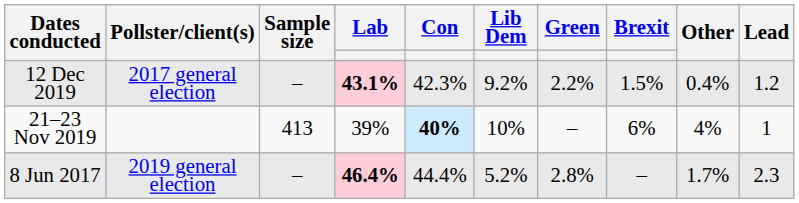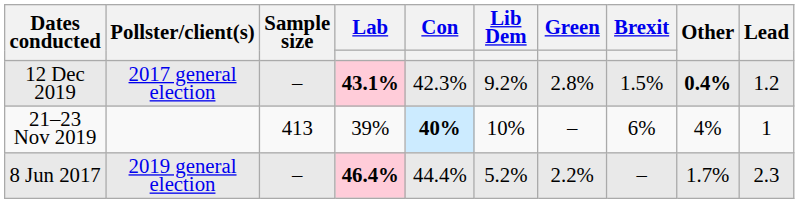 <table class="wikitable sortable mw-datatable" style="text-align:center;line-height:14px;">
 <tr>
 <th rowspan="2">Dates<br>conducted</th>
 <th rowspan="2">Pollster/client(s)</th>
 <th rowspan="2" data-sort-type="number">Sample<br>size</th>
 <th class="unsortable" style="width:50px;"><a href='#'>Lab</a></th>
 <th class="unsortable" style="width:50px;"><a href='#'>Con</a></th>
 <th class="unsortable" style="width:50px;"><a href='#'>Lib Dem</a></th>
 <th class="unsortable" style="width:50px;"><a href='#'>Green</a></th>
 <th class="unsortable" style="width:50px;"><a href='#'>Brexit</a></th>
 <th rowspan="2" class="unsortable">Other</th>
 <th rowspan="2" data-sort-type="number">Lead</th>
 </tr>
 <tr>
 <th data-sort-type="number" style="background:"></th>
 <th data-sort-type="number" style="background:"></th>
 <th data-sort-type="number" style="background:"></th>
 <th data-sort-type="number" style="background:"></th>
 <th data-sort-type="number" style="background:"></th>
 </tr>
 <tr style="background:#E9E9E9;">
 <td data-sort-value="2017-06-08">12 Dec 2019</td>
 <td><a href='#'>2017 general election</a></td>
 <td>–</td>
 <td style="background:#FFCCD9;"><strong>43.1%</strong></td>
 <td>42.3%</td>
 <td>9.2%</td>
-<td>2.2%</td>
+<td>2.8%</td>
 <td>1.5%</td>
-<td>0.4% </td>
+<td><strong>0.4% </strong></td>
 <td style="background:">1.2</td>
 </tr>
 <tr>
 <td data-sort-value="2019-11-28">21–23 Nov 2019</td>
 <td></td>
 <td>413</td>
 <td>39%</td>
 <td style="background:#CCEBFF;"><strong>40%</strong></td>
 <td>10%</td>
 <td>–</td>
 <td>6%</td>
 <td>4%</td>
 <td style="background:">1</td>
 </tr>
 <tr style="background:#E9E9E9;">
 <td data-sort-value="2017-06-08">8 Jun 2017</td>
 <td><a href='#'>2019 general election</a></td>
 <td>–</td>
 <td style="background:#FFCCD9;"><strong>46.4%</strong></td>
 <td>44.4%</td>
 <td>5.2%</td>
-<td>2.8%</td>
+<td>2.2%</td>
 <td>–</td>
 <td>1.7% </td>
 <td style="background:">2.3</td>
 </tr>
 </table>
